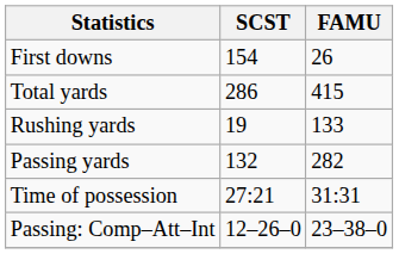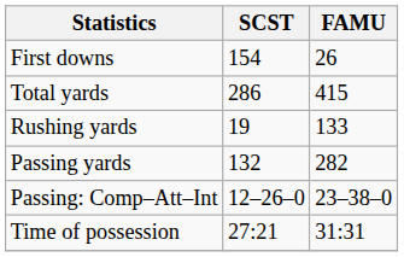 <table class="wikitable" style="float: left;">
 <tr>
 <th>Statistics</th>
 <th>SCST</th>
 <th>FAMU</th>
 </tr>
 <tr>
 <td>First downs</td>
 <td>154</td>
 <td>26</td>
 </tr>
 <tr>
 <td>Total yards</td>
 <td>286</td>
 <td>415</td>
 </tr>
 <tr>
 <td>Rushing yards</td>
 <td>19</td>
 <td>133</td>
 </tr>
 <tr>
 <td>Passing yards</td>
 <td>132</td>
 <td>282</td>
 </tr>
 <tr>
+<td>Passing: Comp–Att–Int</td>
+<td>12–26–0</td>
+<td>23–38–0</td>
+</tr>
+<tr>
 <td>Time of possession</td>
 <td>27:21</td>
 <td>31:31</td>
 </tr>
 <tr>
-<td>Passing: Comp–Att–Int</td>
-<td>12–26–0</td>
-<td>23–38–0</td>
-</tr>
-<tr>
 </tr>
 </table>
